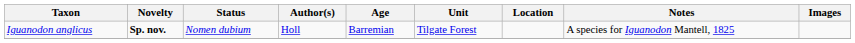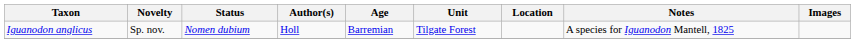 <table class="wikitable sortable" align="center" width="100%">
 <tr>
 <th>Taxon</th>
 <th>Novelty</th>
 <th>Status</th>
 <th>Author(s)</th>
 <th>Age</th>
 <th>Unit</th>
 <th>Location</th>
 <th>Notes</th>
 <th>Images</th>
 </tr>
 <tr>
 <td><em><a href='#'>Iguanodon anglicus</a></em></td>
-<td><strong>Sp. nov.</strong></td>
+<td>Sp. nov.</td>
 <td><em><a href='#'>Nomen dubium</a></em></td>
 <td><a href='#'>Holl</a></td>
 <td><a href='#'>Barremian</a></td>
 <td><a href='#'>Tilgate Forest</a></td>
 <td></td>
 <td>A species for <em><a href='#'>Iguanodon</a></em> Mantell, <a href='#'>1825</a></td>
 <td></td>
 </tr>
 <tr>
 </tr>
 </table>
